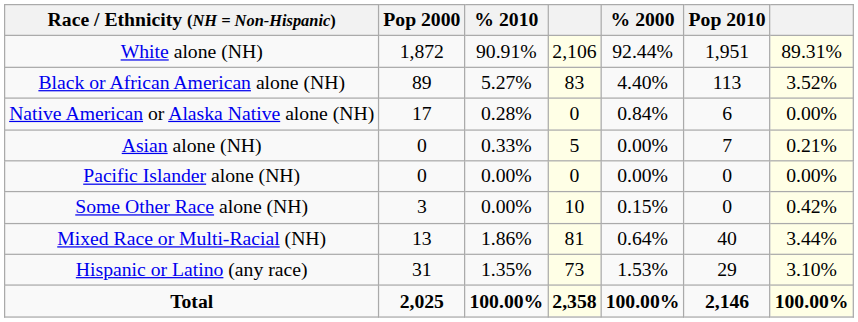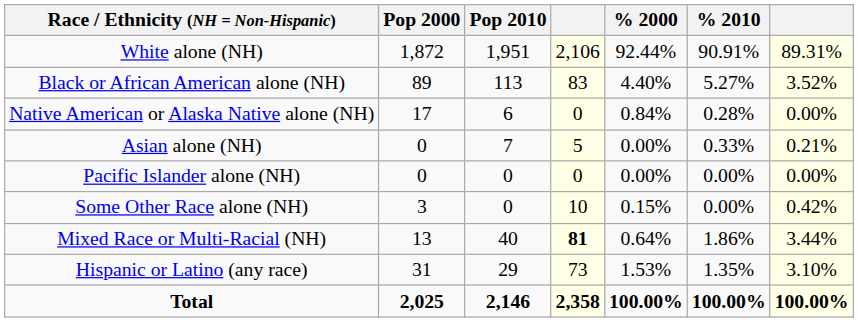 <table class="wikitable" style="text-align:center;">
 <tr>
 <th>Race / Ethnicity <small>(<em>NH = Non-Hispanic</em>)</small></th>
 <th>Pop 2000</th>
-<th>% 2010</th>
+<th>Pop 2010</th>
 <th></th>
 <th>% 2000</th>
-<th>Pop 2010</th>
+<th>% 2010</th>
 <th></th>
 </tr>
 <tr>
 <td><a href='#'>White</a> alone (NH)</td>
 <td>1,872</td>
-<td>90.91%</td>
+<td>1,951</td>
 <td style='background: #ffffe6;'>2,106</td>
 <td>92.44%</td>
-<td>1,951</td>
+<td>90.91%</td>
 <td style='background: #ffffe6;'>89.31%</td>
 </tr>
 <tr>
 <td><a href='#'>Black or African American</a> alone (NH)</td>
 <td>89</td>
-<td>5.27%</td>
+<td>113</td>
 <td style='background: #ffffe6;'>83</td>
 <td>4.40%</td>
-<td>113</td>
+<td>5.27%</td>
 <td style='background: #ffffe6;'>3.52%</td>
 </tr>
 <tr>
 <td><a href='#'>Native American</a> or <a href='#'>Alaska Native</a> alone (NH)</td>
 <td>17</td>
-<td>0.28%</td>
+<td>6</td>
 <td style='background: #ffffe6;'>0</td>
 <td>0.84%</td>
-<td>6</td>
+<td>0.28%</td>
 <td style='background: #ffffe6;'>0.00%</td>
 </tr>
 <tr>
 <td><a href='#'>Asian</a> alone (NH)</td>
 <td>0</td>
-<td>0.33%</td>
+<td>7</td>
 <td style='background: #ffffe6;'>5</td>
 <td>0.00%</td>
-<td>7</td>
+<td>0.33%</td>
 <td style='background: #ffffe6;'>0.21%</td>
 </tr>
 <tr>
 <td><a href='#'>Pacific Islander</a> alone (NH)</td>
 <td>0</td>
-<td>0.00%</td>
+<td>0</td>
 <td style='background: #ffffe6;'>0</td>
 <td>0.00%</td>
-<td>0</td>
+<td>0.00%</td>
 <td style='background: #ffffe6;'>0.00%</td>
 </tr>
 <tr>
 <td><a href='#'>Some Other Race</a> alone (NH)</td>
 <td>3</td>
-<td>0.00%</td>
+<td>0</td>
 <td style='background: #ffffe6;'>10</td>
 <td>0.15%</td>
-<td>0</td>
+<td>0.00%</td>
 <td style='background: #ffffe6;'>0.42%</td>
 </tr>
 <tr>
 <td><a href='#'>Mixed Race or Multi-Racial</a> (NH)</td>
 <td>13</td>
+<td>40</td>
+<td style='background: #ffffe6;'><strong>81</strong></td>
+<td>0.64%</td>
 <td>1.86%</td>
-<td style='background: #ffffe6;'>81</td>
-<td>0.64%</td>
-<td>40</td>
 <td style='background: #ffffe6;'>3.44%</td>
 </tr>
 <tr>
 <td><a href='#'>Hispanic or Latino</a> (any race)</td>
 <td>31</td>
-<td>1.35%</td>
+<td>29</td>
 <td style='background: #ffffe6;'>73</td>
 <td>1.53%</td>
-<td>29</td>
+<td>1.35%</td>
 <td style='background: #ffffe6;'>3.10%</td>
 </tr>
 <tr>
 <td><strong>Total</strong></td>
 <td><strong>2,025</strong></td>
-<td><strong>100.00%</strong></td>
+<td><strong>2,146</strong></td>
 <td style='background: #ffffe6;'><strong>2,358</strong></td>
 <td><strong>100.00%</strong></td>
-<td><strong>2,146</strong></td>
+<td><strong>100.00%</strong></td>
 <td style='background: #ffffe6;'><strong>100.00%</strong></td>
 </tr>
 </table>
